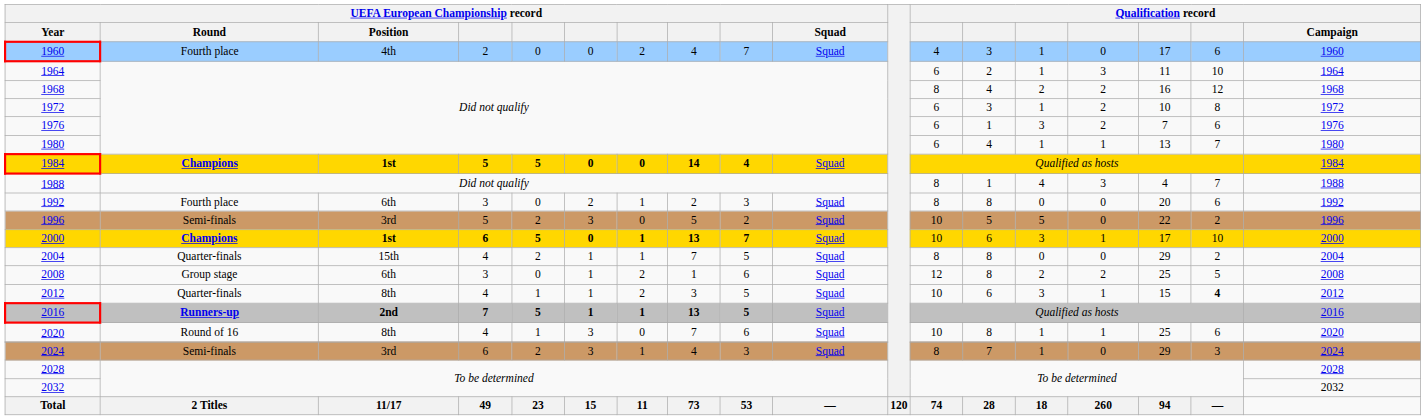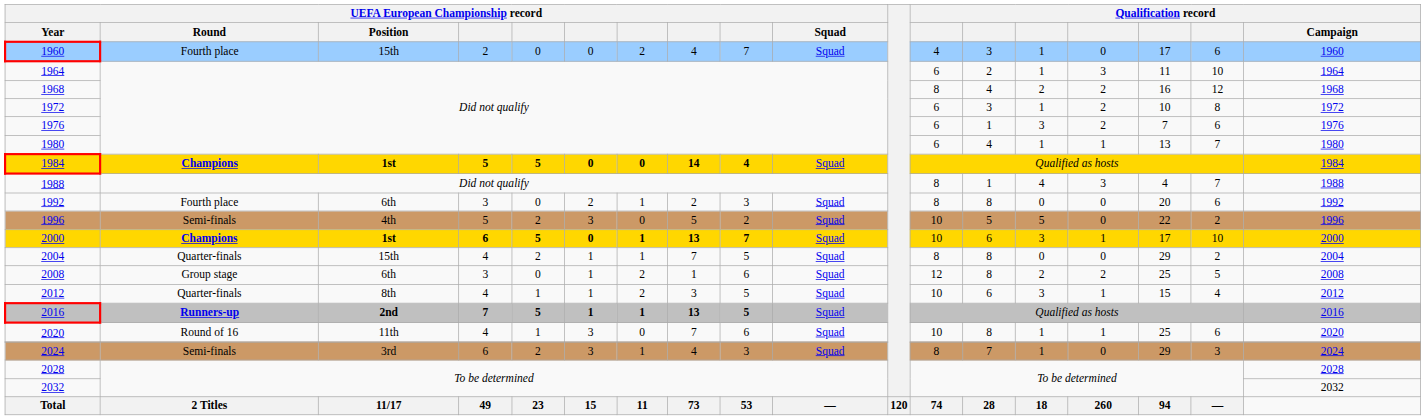 <table class="wikitable" style="text-align: center;">
 <tr>
 <th colspan="10"><a href='#'>UEFA European Championship</a> record</th>
 <th style="width:1%;" rowspan="22"></th>
 <th colspan="7"><a href='#'>Qualification</a> record</th>
 </tr>
 <tr>
 <th>Year</th>
 <th>Round</th>
 <th>Position</th>
 <th></th>
 <th></th>
 <th></th>
 <th></th>
 <th></th>
 <th></th>
 <th>Squad</th>
 <th></th>
 <th></th>
 <th></th>
 <th></th>
 <th></th>
 <th></th>
 <th>Campaign</th>
 </tr>
 <tr bgcolor="#9acdff">
 <td style="border: 3px solid red"> <a href='#'>1960</a></td>
 <td>Fourth place</td>
-<td>4th</td>
+<td>15th</td>
 <td>2</td>
 <td>0</td>
 <td>0</td>
 <td>2</td>
 <td>4</td>
 <td>7</td>
 <td><a href='#'>Squad</a></td>
 <td>4</td>
 <td>3</td>
 <td>1</td>
 <td>0</td>
 <td>17</td>
 <td>6</td>
 <td><a href='#'>1960</a></td>
 </tr>
 <tr>
 <td> <a href='#'>1964</a></td>
 <td rowspan=5 colspan=9><em>Did not qualify</em></td>
 <td>6</td>
 <td>2</td>
 <td>1</td>
 <td>3</td>
 <td>11</td>
 <td>10</td>
 <td><a href='#'>1964</a></td>
 </tr>
 <tr>
 <td> <a href='#'>1968</a></td>
 <td>8</td>
 <td>4</td>
 <td>2</td>
 <td>2</td>
 <td>16</td>
 <td>12</td>
 <td><a href='#'>1968</a></td>
 </tr>
 <tr>
 <td> <a href='#'>1972</a></td>
 <td>6</td>
 <td>3</td>
 <td>1</td>
 <td>2</td>
 <td>10</td>
 <td>8</td>
 <td><a href='#'>1972</a></td>
 </tr>
 <tr>
 <td> <a href='#'>1976</a></td>
 <td>6</td>
 <td>1</td>
 <td>3</td>
 <td>2</td>
 <td>7</td>
 <td>6</td>
 <td><a href='#'>1976</a></td>
 </tr>
 <tr>
 <td> <a href='#'>1980</a></td>
 <td>6</td>
 <td>4</td>
 <td>1</td>
 <td>1</td>
 <td>13</td>
 <td>7</td>
 <td><a href='#'>1980</a></td>
 </tr>
 <tr style="background:Gold;">
 <td style="border: 3px solid red"> <a href='#'>1984</a></td>
 <td><strong><a href='#'>Champions</a></strong></td>
 <td><strong>1st</strong></td>
 <td><strong>5</strong></td>
 <td><strong>5</strong></td>
 <td><strong>0</strong></td>
 <td><strong>0</strong></td>
 <td><strong>14</strong></td>
 <td><strong>4</strong></td>
 <td><a href='#'>Squad</a></td>
 <td colspan=6><em>Qualified as hosts</em></td>
 <td><a href='#'>1984</a></td>
 </tr>
 <tr>
 <td> <a href='#'>1988</a></td>
 <td colspan=9><em>Did not qualify</em></td>
 <td>8</td>
 <td>1</td>
 <td>4</td>
 <td>3</td>
 <td>4</td>
 <td>7</td>
 <td><a href='#'>1988</a></td>
 </tr>
 <tr>
 <td> <a href='#'>1992</a></td>
 <td>Fourth place</td>
 <td>6th</td>
 <td>3</td>
 <td>0</td>
 <td>2</td>
 <td>1</td>
 <td>2</td>
 <td>3</td>
 <td><a href='#'>Squad</a></td>
 <td>8</td>
 <td>8</td>
 <td>0</td>
 <td>0</td>
 <td>20</td>
 <td>6</td>
 <td><a href='#'>1992</a></td>
 </tr>
 <tr style="background:#c96;">
 <td> <a href='#'>1996</a></td>
 <td>Semi-finals</td>
-<td>3rd</td>
+<td>4th</td>
 <td>5</td>
 <td>2</td>
 <td>3</td>
 <td>0</td>
 <td>5</td>
 <td>2</td>
 <td><a href='#'>Squad</a></td>
 <td>10</td>
 <td>5</td>
 <td>5</td>
 <td>0</td>
 <td>22</td>
 <td>2</td>
 <td><a href='#'>1996</a></td>
 </tr>
 <tr style="background:Gold;">
 <td>  <a href='#'>2000</a></td>
 <td><strong><a href='#'>Champions</a></strong></td>
 <td><strong>1st</strong></td>
 <td><strong>6</strong></td>
 <td><strong>5</strong></td>
 <td><strong>0</strong></td>
 <td><strong>1</strong></td>
 <td><strong>13</strong></td>
 <td><strong>7</strong></td>
 <td><a href='#'>Squad</a></td>
 <td>10</td>
 <td>6</td>
 <td>3</td>
 <td>1</td>
 <td>17</td>
 <td>10</td>
 <td><a href='#'>2000</a></td>
 </tr>
 <tr>
 <td> <a href='#'>2004</a></td>
 <td>Quarter-finals</td>
 <td>15th</td>
 <td>4</td>
 <td>2</td>
 <td>1</td>
 <td>1</td>
 <td>7</td>
 <td>5</td>
 <td><a href='#'>Squad</a></td>
 <td>8</td>
 <td>8</td>
 <td>0</td>
 <td>0</td>
 <td>29</td>
 <td>2</td>
 <td><a href='#'>2004</a></td>
 </tr>
 <tr>
 <td>  <a href='#'>2008</a></td>
 <td>Group stage</td>
 <td>6th</td>
 <td>3</td>
 <td>0</td>
 <td>1</td>
 <td>2</td>
 <td>1</td>
 <td>6</td>
 <td><a href='#'>Squad</a></td>
 <td>12</td>
 <td>8</td>
 <td>2</td>
 <td>2</td>
 <td>25</td>
 <td>5</td>
 <td><a href='#'>2008</a></td>
 </tr>
 <tr>
 <td>  <a href='#'>2012</a></td>
 <td>Quarter-finals</td>
 <td>8th</td>
 <td>4</td>
 <td>1</td>
 <td>1</td>
 <td>2</td>
 <td>3</td>
 <td>5</td>
 <td><a href='#'>Squad</a></td>
 <td>10</td>
 <td>6</td>
 <td>3</td>
 <td>1</td>
 <td>15</td>
-<td><strong>4</strong></td>
+<td>4</td>
 <td><a href='#'>2012</a></td>
 </tr>
 <tr style="background:silver;">
 <td style="border: 3px solid red"> <a href='#'>2016</a></td>
 <td><strong><a href='#'>Runners-up</a></strong></td>
 <td><strong>2nd</strong></td>
 <td><strong>7</strong></td>
 <td><strong>5</strong></td>
 <td><strong>1</strong></td>
 <td><strong>1</strong></td>
 <td><strong>13</strong></td>
 <td><strong>5</strong></td>
 <td><a href='#'>Squad</a></td>
 <td colspan="6"><em>Qualified as hosts</em></td>
 <td><a href='#'>2016</a></td>
 </tr>
 <tr>
 <td> <a href='#'>2020</a></td>
 <td>Round of 16</td>
-<td>8th</td>
+<td>11th</td>
 <td>4</td>
 <td>1</td>
 <td>3</td>
 <td>0</td>
 <td>7</td>
 <td>6</td>
 <td><a href='#'>Squad</a></td>
 <td>10</td>
 <td>8</td>
 <td>1</td>
 <td>1</td>
 <td>25</td>
 <td>6</td>
 <td><a href='#'>2020</a></td>
 </tr>
 <tr>
 </tr>
 <tr style="background:#c96;">
 <td> <a href='#'>2024</a></td>
 <td>Semi-finals</td>
 <td>3rd</td>
 <td>6</td>
 <td>2</td>
 <td>3</td>
 <td>1</td>
 <td>4</td>
 <td>3</td>
 <td><a href='#'>Squad</a></td>
 <td>8</td>
 <td>7</td>
 <td>1</td>
 <td>0</td>
 <td>29</td>
 <td>3</td>
 <td><a href='#'>2024</a></td>
 </tr>
 <tr>
 <td>  <a href='#'>2028</a></td>
 <td colspan=9 rowspan=2><em>To be determined</em></td>
 <td colspan=6 rowspan=2><em>To be determined</em></td>
 <td><a href='#'>2028</a></td>
 </tr>
 <tr>
 <td>  <a href='#'>2032</a></td>
 <td>2032</td>
 </tr>
 <tr>
 <th>Total</th>
 <th>2 Titles</th>
 <th>11/17</th>
 <th>49</th>
 <th>23</th>
 <th>15</th>
 <th>11</th>
 <th>73</th>
 <th>53</th>
 <th>—</th>
 <th>120</th>
 <th>74</th>
 <th>28</th>
 <th>18</th>
 <th>260</th>
 <th>94</th>
 <th>—</th>
 </tr>
 </table>
